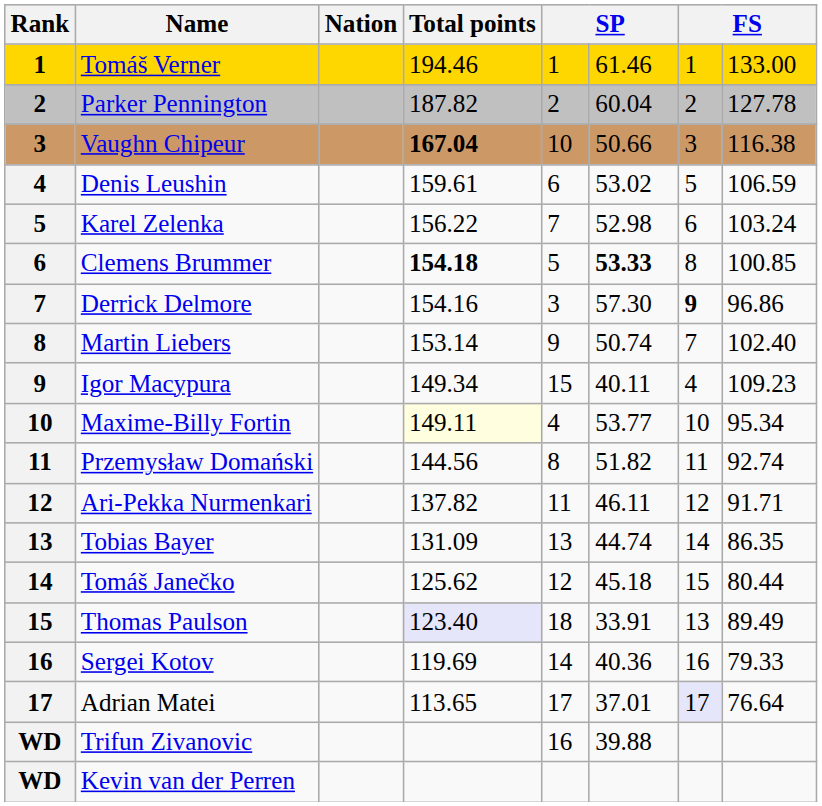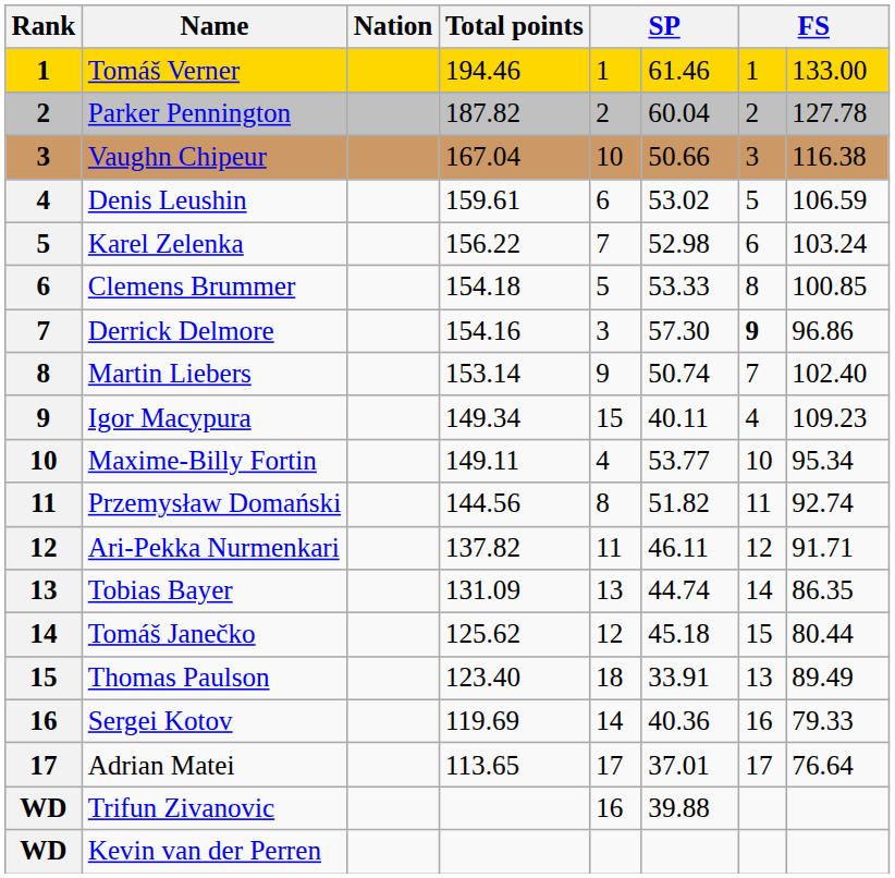 <table class="wikitable">
 <tr>
 <th>Rank</th>
 <th>Name</th>
 <th>Nation</th>
 <th>Total points</th>
 <th colspan="2" width="80px"><a href='#'>SP</a></th>
 <th colspan="2" width="80px"><a href='#'>FS</a></th>
 </tr>
 <tr bgcolor="gold">
 <td align="center"><strong>1</strong></td>
 <td><a href='#'>Tomáš Verner</a></td>
 <td></td>
 <td>194.46</td>
 <td>1</td>
 <td>61.46</td>
 <td>1</td>
 <td>133.00</td>
 </tr>
 <tr bgcolor="silver">
 <td align="center"><strong>2</strong></td>
 <td><a href='#'>Parker Pennington</a></td>
 <td></td>
 <td>187.82</td>
 <td>2</td>
 <td>60.04</td>
 <td>2</td>
 <td>127.78</td>
 </tr>
 <tr bgcolor="cc9966">
 <td align="center"><strong>3</strong></td>
 <td><a href='#'>Vaughn Chipeur</a></td>
 <td></td>
-<td><strong>167.04</strong></td>
+<td>167.04</td>
 <td>10</td>
 <td>50.66</td>
 <td>3</td>
 <td>116.38</td>
 </tr>
 <tr>
 <th>4</th>
 <td><a href='#'>Denis Leushin</a></td>
 <td></td>
 <td>159.61</td>
 <td>6</td>
 <td>53.02</td>
 <td>5</td>
 <td>106.59</td>
 </tr>
 <tr>
 <th>5</th>
 <td><a href='#'>Karel Zelenka</a></td>
 <td></td>
 <td>156.22</td>
 <td>7</td>
 <td>52.98</td>
 <td>6</td>
 <td>103.24</td>
 </tr>
 <tr>
 <th>6</th>
 <td><a href='#'>Clemens Brummer</a></td>
 <td></td>
-<td><strong>154.18</strong></td>
+<td>154.18</td>
 <td>5</td>
-<td><strong>53.33</strong></td>
+<td>53.33</td>
 <td>8</td>
 <td>100.85</td>
 </tr>
 <tr>
 <th>7</th>
 <td><a href='#'>Derrick Delmore</a></td>
 <td></td>
 <td>154.16</td>
 <td>3</td>
 <td>57.30</td>
 <td><strong>9</strong></td>
 <td>96.86</td>
 </tr>
 <tr>
 <th>8</th>
 <td><a href='#'>Martin Liebers</a></td>
 <td></td>
 <td>153.14</td>
 <td>9</td>
 <td>50.74</td>
 <td>7</td>
 <td>102.40</td>
 </tr>
 <tr>
 <th>9</th>
 <td><a href='#'>Igor Macypura</a></td>
 <td></td>
 <td>149.34</td>
 <td>15</td>
 <td>40.11</td>
 <td>4</td>
 <td>109.23</td>
 </tr>
 <tr>
 <th>10</th>
 <td><a href='#'>Maxime-Billy Fortin</a></td>
 <td></td>
-<td style="background: lightyellow;">149.11</td>
+<td>149.11</td>
 <td>4</td>
 <td>53.77</td>
 <td>10</td>
 <td>95.34</td>
 </tr>
 <tr>
 <th>11</th>
 <td><a href='#'>Przemysław Domański</a></td>
 <td></td>
 <td>144.56</td>
 <td>8</td>
 <td>51.82</td>
 <td>11</td>
 <td>92.74</td>
 </tr>
 <tr>
 <th>12</th>
 <td><a href='#'>Ari-Pekka Nurmenkari</a></td>
 <td></td>
 <td>137.82</td>
 <td>11</td>
 <td>46.11</td>
 <td>12</td>
 <td>91.71</td>
 </tr>
 <tr>
 <th>13</th>
 <td><a href='#'>Tobias Bayer</a></td>
 <td></td>
 <td>131.09</td>
 <td>13</td>
 <td>44.74</td>
 <td>14</td>
 <td>86.35</td>
 </tr>
 <tr>
 <th>14</th>
 <td><a href='#'>Tomáš Janečko</a></td>
 <td></td>
 <td>125.62</td>
 <td>12</td>
 <td>45.18</td>
 <td>15</td>
 <td>80.44</td>
 </tr>
 <tr>
 <th>15</th>
 <td><a href='#'>Thomas Paulson</a></td>
 <td></td>
-<td style="background: lavender;">123.40</td>
+<td>123.40</td>
 <td>18</td>
 <td>33.91</td>
 <td>13</td>
 <td>89.49</td>
 </tr>
 <tr>
 <th>16</th>
 <td><a href='#'>Sergei Kotov</a></td>
 <td></td>
 <td>119.69</td>
 <td>14</td>
 <td>40.36</td>
 <td>16</td>
 <td>79.33</td>
 </tr>
 <tr>
 <th>17</th>
 <td>Adrian Matei</td>
 <td></td>
 <td>113.65</td>
 <td>17</td>
 <td>37.01</td>
-<td style="background: lavender;">17</td>
+<td>17</td>
 <td>76.64</td>
 </tr>
 <tr>
 <th>WD</th>
 <td><a href='#'>Trifun Zivanovic</a></td>
 <td></td>
 <td></td>
 <td>16</td>
 <td>39.88</td>
 <td></td>
 <td></td>
 </tr>
 <tr>
 <th>WD</th>
 <td><a href='#'>Kevin van der Perren</a></td>
 <td></td>
 <td></td>
 <td></td>
 <td></td>
 <td></td>
 <td></td>
 </tr>
 </table>
